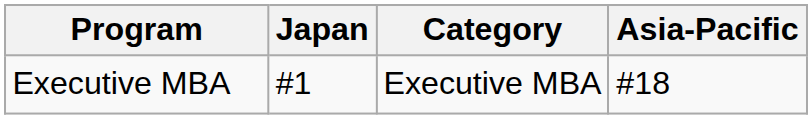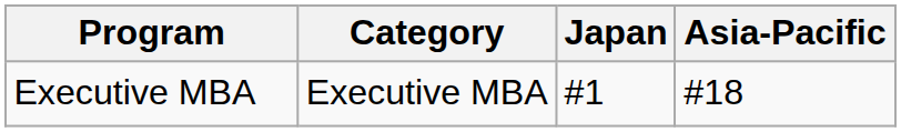 <table class="wikitable" style="margin-bottom: 10px;">
 <tr>
 <th>Program</th>
+<th>Category</th>
 <th>Japan</th>
-<th>Category</th>
 <th>Asia-Pacific</th>
 </tr>
 <tr>
 <td>Executive MBA　</td>
+<td>Executive MBA</td>
 <td>#1</td>
-<td>Executive MBA</td>
 <td>#18</td>
 </tr>
 </table>
